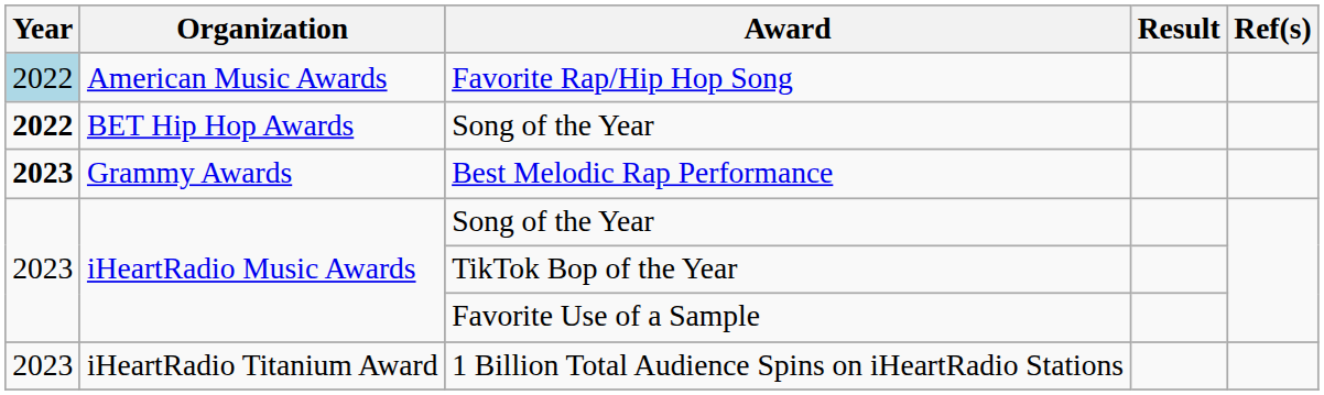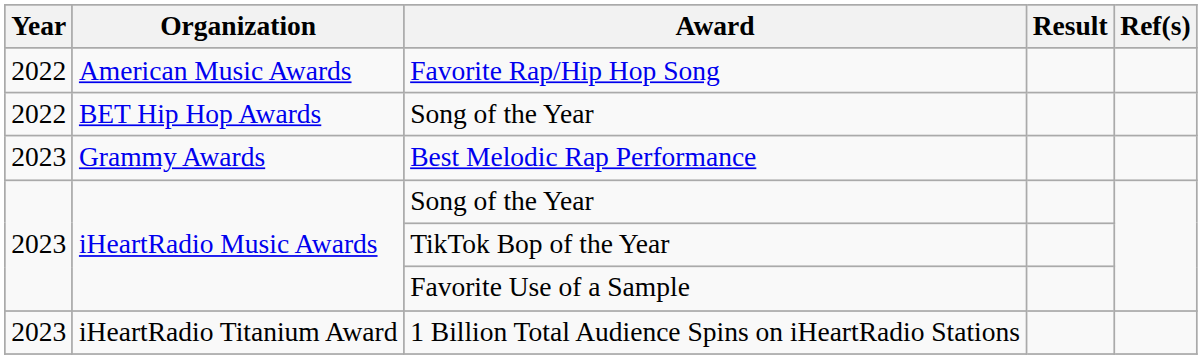 <table class="wikitable plainrowheaders">
 <tr align=center>
 <th scope="col">Year</th>
 <th scope="col">Organization</th>
 <th scope="col">Award</th>
 <th scope="col">Result</th>
 <th scope="col">Ref(s)</th>
 </tr>
 <tr>
-<td style="background: lightblue;">2022</td>
+<td>2022</td>
 <td><a href='#'>American Music Awards</a></td>
 <td><a href='#'>Favorite Rap/Hip Hop Song</a></td>
 <td></td>
 <td style="text-align:center;"></td>
 </tr>
 <tr>
-<td><strong>2022</strong></td>
+<td>2022</td>
 <td><a href='#'>BET Hip Hop Awards</a></td>
 <td>Song of the Year</td>
 <td></td>
 <td style="text-align:center;"></td>
 </tr>
 <tr>
-<td><strong>2023</strong></td>
+<td>2023</td>
 <td><a href='#'>Grammy Awards</a></td>
 <td><a href='#'>Best Melodic Rap Performance</a></td>
 <td></td>
 <td style="text-align:center;"></td>
 </tr>
 <tr>
 <td rowspan="3">2023</td>
 <td rowspan="3"><a href='#'>iHeartRadio Music Awards</a></td>
 <td>Song of the Year</td>
 <td></td>
 <td style="text-align:center;" rowspan="3"></td>
 </tr>
 <tr>
 <td>TikTok Bop of the Year</td>
 <td></td>
 </tr>
 <tr>
 <td>Favorite Use of a Sample</td>
 <td></td>
 </tr>
 <tr>
 <td>2023</td>
 <td>iHeartRadio Titanium Award</td>
 <td>1 Billion Total Audience Spins on iHeartRadio Stations</td>
 <td></td>
 <td style="text-align:center;"></td>
 </tr>
 </table>
